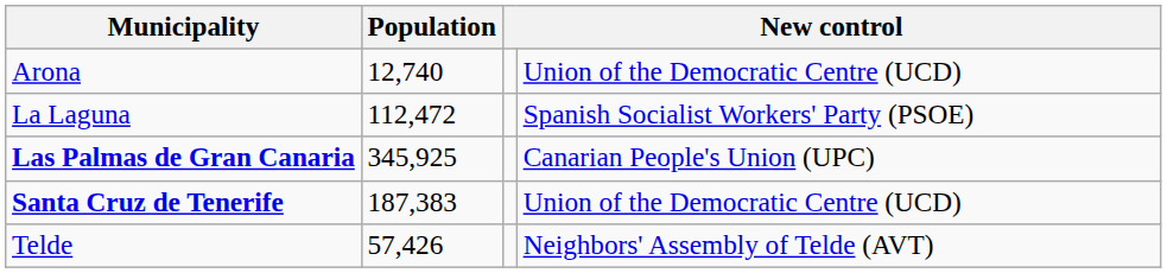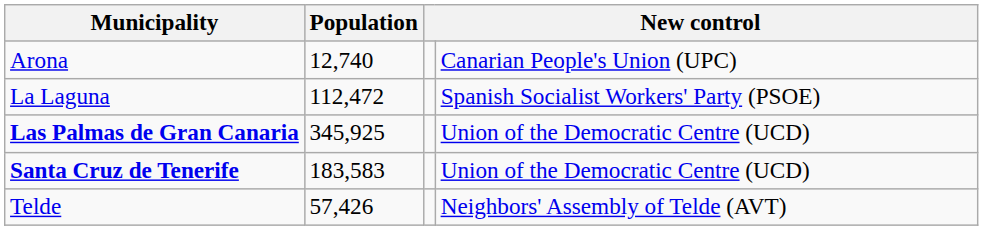 <table class="wikitable sortable">
 <tr>
 <th>Municipality</th>
 <th>Population</th>
 <th colspan="2" style="width:375px;">New control</th>
 </tr>
 <tr>
 <td><a href='#'>Arona</a></td>
 <td>12,740</td>
 <td width="1" style="color:inherit;background:"></td>
-<td><a href='#'>Union of the Democratic Centre</a> (UCD)</td>
+<td><a href='#'>Canarian People's Union</a> (UPC) </td>
 </tr>
 <tr>
 <td><a href='#'>La Laguna</a></td>
 <td>112,472</td>
 <td style="color:inherit;background:"></td>
 <td><a href='#'>Spanish Socialist Workers' Party</a> (PSOE)</td>
 </tr>
 <tr>
 <td><strong><a href='#'>Las Palmas de Gran Canaria</a></strong></td>
 <td>345,925</td>
 <td style="color:inherit;background:"></td>
-<td><a href='#'>Canarian People's Union</a> (UPC) </td>
+<td><a href='#'>Union of the Democratic Centre</a> (UCD)</td>
 </tr>
 <tr>
 <td><strong><a href='#'>Santa Cruz de Tenerife</a></strong></td>
-<td>187,383</td>
+<td>183,583</td>
 <td style="color:inherit;background:"></td>
 <td><a href='#'>Union of the Democratic Centre</a> (UCD) </td>
 </tr>
 <tr>
 <td><a href='#'>Telde</a></td>
 <td>57,426</td>
 <td style="color:inherit;background:"></td>
 <td><a href='#'>Neighbors' Assembly of Telde</a> (AVT)</td>
 </tr>
 </table>
